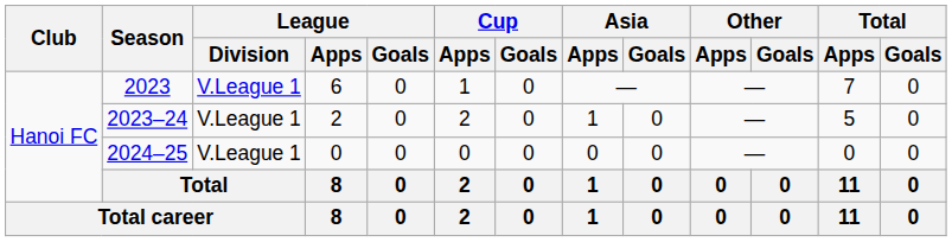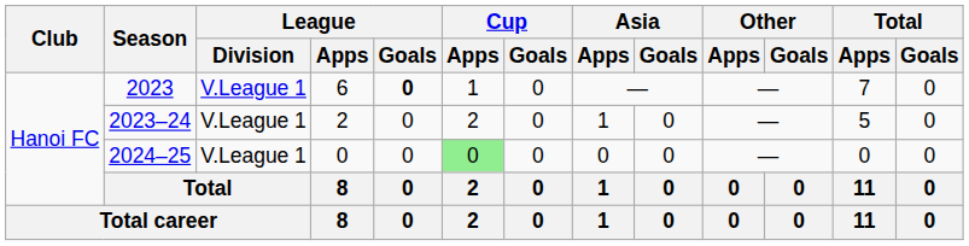 <table class="wikitable" style="text-align: center;">
 <tr>
 <th rowspan="2">Club</th>
 <th rowspan="2">Season</th>
 <th colspan="3">League</th>
 <th colspan="2"><a href='#'>Cup</a></th>
 <th colspan="2">Asia</th>
 <th colspan="2">Other</th>
 <th colspan="2">Total</th>
 </tr>
 <tr>
 <th>Division</th>
 <th>Apps</th>
 <th>Goals</th>
 <th>Apps</th>
 <th>Goals</th>
 <th>Apps</th>
 <th>Goals</th>
 <th>Apps</th>
 <th>Goals</th>
 <th>Apps</th>
 <th>Goals</th>
 </tr>
 <tr>
 <td rowspan=4><a href='#'>Hanoi FC</a></td>
 <td><a href='#'>2023</a></td>
 <td><a href='#'>V.League 1</a></td>
 <td>6</td>
-<td>0</td>
+<td><strong>0</strong></td>
 <td>1</td>
 <td>0</td>
 <td colspan="2">—</td>
 <td colspan="2">—</td>
 <td>7</td>
 <td>0</td>
 </tr>
 <tr>
 <td><a href='#'>2023–24</a></td>
 <td>V.League 1</td>
 <td>2</td>
 <td>0</td>
 <td>2</td>
 <td>0</td>
 <td>1</td>
 <td>0</td>
 <td colspan="2">—</td>
 <td>5</td>
 <td>0</td>
 </tr>
 <tr>
 <td><a href='#'>2024–25</a></td>
 <td>V.League 1</td>
 <td>0</td>
 <td>0</td>
-<td>0</td>
+<td style="background: lightgreen;">0</td>
 <td>0</td>
 <td>0</td>
 <td>0</td>
 <td colspan="2">—</td>
 <td>0</td>
 <td>0</td>
 </tr>
 <tr>
 <th colspan=2>Total</th>
 <th>8</th>
 <th>0</th>
 <th>2</th>
 <th>0</th>
 <th>1</th>
 <th>0</th>
 <th>0</th>
 <th>0</th>
 <th>11</th>
 <th>0</th>
 </tr>
 <tr>
 <th colspan="3">Total career</th>
 <th>8</th>
 <th>0</th>
 <th>2</th>
 <th>0</th>
 <th>1</th>
 <th>0</th>
 <th>0</th>
 <th>0</th>
 <th>11</th>
 <th>0</th>
 </tr>
 </table>
